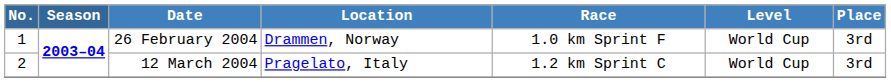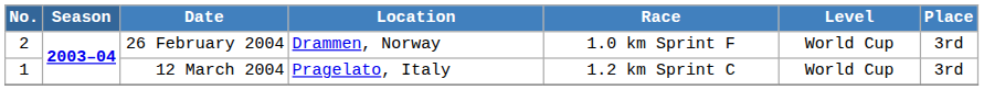 <table class="wikitable sortable" style="font-size:95%; text-align:center; border:grey solid 1px; border-collapse:collapse; background:#ffffff;">
 <tr style="background:#efefef;">
 <th style="background-color:#369; color:white;">No.</th>
 <th style="background-color:#369; color:white;">Season</th>
 <th style="background-color:#4180be; color:white; width:120px;">Date</th>
 <th style="background-color:#4180be; color:white; width:185px;">Location</th>
 <th style="background-color:#4180be; color:white; width:170px;">Race</th>
 <th style="background-color:#4180be; color:white; width:100px;">Level</th>
 <th style="background-color:#4180be; color:white;">Place</th>
 </tr>
 <tr>
-<td align=center>1</td>
+<td align=center>2</td>
 <td rowspan=2 align=center><strong><a href='#'>2003–04</a></strong></td>
 <td align=right>26 February 2004</td>
 <td align=left> <a href='#'>Drammen</a>, Norway</td>
 <td>1.0 km Sprint F</td>
 <td>World Cup</td>
 <td>3rd</td>
 </tr>
 <tr>
-<td align=center>2</td>
+<td align=center>1</td>
 <td align=right>12 March 2004</td>
 <td align=left> <a href='#'>Pragelato</a>, Italy</td>
 <td>1.2 km Sprint C</td>
 <td>World Cup</td>
 <td>3rd</td>
 </tr>
 <tr>
 </tr>
 </table>
